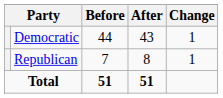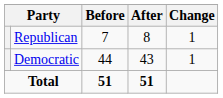 <table class="wikitable" style="text-align:center;">
 <tr>
 </tr>
 <tr>
 <th colspan=2>Party</th>
 <th>Before</th>
 <th>After</th>
 <th>Change</th>
 </tr>
 <tr>
 <th style="background-color:"></th>
-<td style="text-align:left;"><a href='#'>Democratic</a></td>
-<td>44</td>
-<td>43</td>
+<td style="text-align:left;"><a href='#'>Republican</a></td>
+<td>7</td>
+<td>8</td>
 <td> 1</td>
 </tr>
 <tr>
 <th style="background-color:"></th>
-<td style="text-align:left;"><a href='#'>Republican</a></td>
-<td>7</td>
-<td>8</td>
+<td style="text-align:left;"><a href='#'>Democratic</a></td>
+<td>44</td>
+<td>43</td>
 <td> 1</td>
 </tr>
 <tr>
 <td colspan=2><strong>Total</strong></td>
 <td><strong>51</strong></td>
 <td><strong>51</strong></td>
 <td></td>
 </tr>
 </table>
